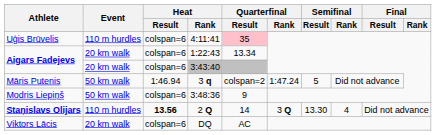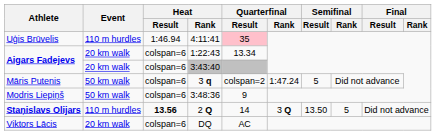 <table class="wikitable" style="font-size:90%">
 <tr>
 <th rowspan="2">Athlete</th>
 <th rowspan="2">Event</th>
 <th colspan="2">Heat</th>
 <th colspan="2">Quarterfinal</th>
 <th colspan="2">Semifinal</th>
 <th colspan="2">Final</th>
 </tr>
 <tr style="font-size:95%">
 <th>Result</th>
 <th>Rank</th>
 <th>Result</th>
 <th>Rank</th>
 <th>Result</th>
 <th>Rank</th>
 <th>Result</th>
 <th>Rank</th>
 </tr>
 <tr align=center>
 <td align=left><a href='#'>Uģis Brūvelis</a></td>
 <td align=left><a href='#'>110 m hurdles</a></td>
-<td>colspan=6 </td>
+<td>1:46.94</td>
 <td>4:11:41</td>
 <td style="background: pink;">35</td>
 </tr>
 <tr align=center>
 <td align=left rowspan=2><strong><a href='#'>Aigars Fadejevs</a></strong></td>
 <td align=left><a href='#'>20 km walk</a></td>
 <td>colspan=6 </td>
 <td>1:22:43</td>
 <td>13.34</td>
 </tr>
 <tr align=center>
 <td align=left><a href='#'>20 km walk</a></td>
 <td>colspan=6 </td>
 <td align="center" bgcolor='silver'>3:43:40</td>
 <td align="center" bgcolor='silver'></td>
 </tr>
 <tr align=center>
 <td align=left><a href='#'>Māris Putenis</a></td>
 <td align=left><a href='#'>50 km walk</a></td>
-<td>1:46.94</td>
+<td>colspan=6 </td>
 <td>3 <strong>q</strong></td>
 <td>colspan=2 </td>
 <td>1:47.24</td>
 <td>5</td>
 <td colspan=2>Did not advance</td>
 </tr>
 <tr align=center>
 <td align=left><a href='#'>Modris Liepiņš</a></td>
 <td align=left><a href='#'>50 km walk</a></td>
 <td>colspan=6 </td>
 <td>3:48:36</td>
 <td>9</td>
 </tr>
 <tr align=center>
 <td align=left><strong><a href='#'>Staņislavs Olijars</a></strong></td>
 <td align=left><a href='#'>110 m hurdles</a></td>
 <td><strong>13.56</strong></td>
 <td>2 <strong>Q</strong></td>
 <td>14</td>
 <td>3 <strong>Q</strong></td>
-<td>13.30</td>
-<td>4</td>
+<td>13.50</td>
+<td>5</td>
 <td colspan=2>Did not advance</td>
 </tr>
 <tr align=center>
 <td align=left><a href='#'>Viktors Lācis</a></td>
 <td align=left><a href='#'>20 km walk</a></td>
 <td>colspan=6 </td>
 <td>DQ</td>
 <td>AC</td>
 </tr>
 </table>
